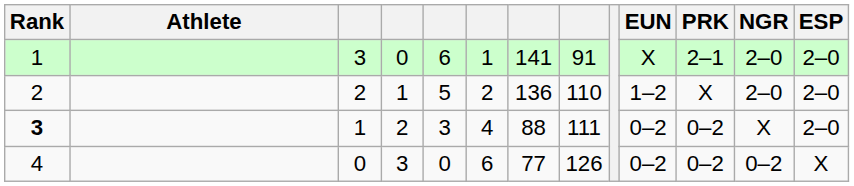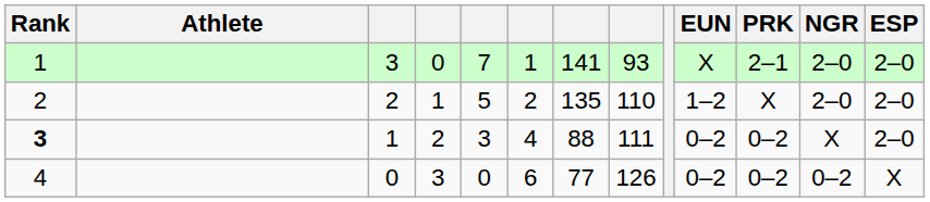 <table class="wikitable" style="text-align:center">
 <tr>
 <th>Rank</th>
 <th width=250>Athlete</th>
 <th width=30></th>
 <th width=30></th>
 <th width=30></th>
 <th width=30></th>
 <th width=30></th>
 <th width=30></th>
 <th rowspan=5></th>
 <th width=30>EUN</th>
 <th width=30>PRK</th>
 <th width=30>NGR</th>
 <th width=30>ESP</th>
 </tr>
 <tr style="background-color:#ccffcc;">
 <td>1</td>
 <td align=left></td>
 <td>3</td>
 <td>0</td>
-<td>6</td>
+<td>7</td>
 <td>1</td>
 <td>141</td>
-<td>91</td>
+<td>93</td>
 <td>X</td>
 <td>2–1</td>
 <td>2–0</td>
 <td>2–0</td>
 </tr>
 <tr>
 <td>2</td>
 <td align=left></td>
 <td>2</td>
 <td>1</td>
 <td>5</td>
 <td>2</td>
-<td>136</td>
+<td>135</td>
 <td>110</td>
 <td>1–2</td>
 <td>X</td>
 <td>2–0</td>
 <td>2–0</td>
 </tr>
 <tr>
 <td><strong>3</strong></td>
 <td align=left></td>
 <td>1</td>
 <td>2</td>
 <td>3</td>
 <td>4</td>
 <td>88</td>
 <td>111</td>
 <td>0–2</td>
 <td>0–2</td>
 <td>X</td>
 <td>2–0</td>
 </tr>
 <tr>
 <td>4</td>
 <td align=left></td>
 <td>0</td>
 <td>3</td>
 <td>0</td>
 <td>6</td>
 <td>77</td>
 <td>126</td>
 <td>0–2</td>
 <td>0–2</td>
 <td>0–2</td>
 <td>X</td>
 </tr>
 </table>
